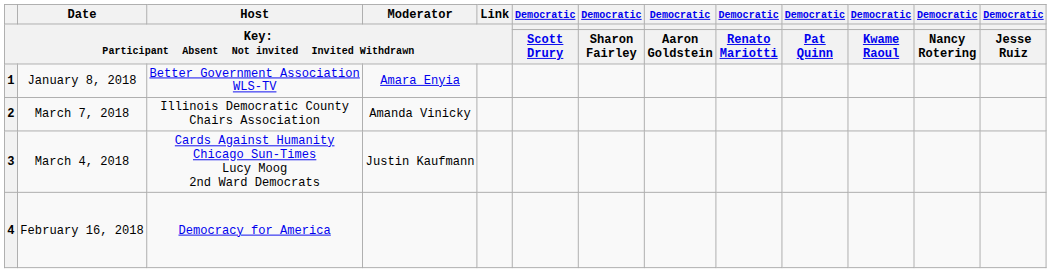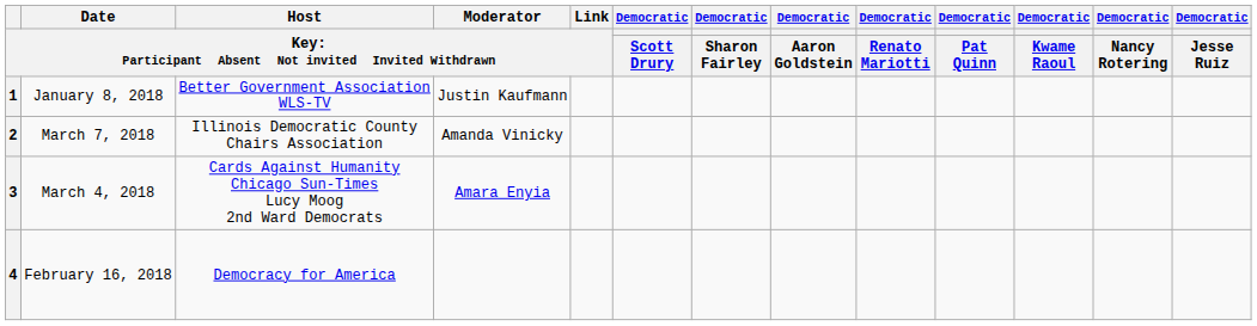 <table class="wikitable" style="text-align:center;">
 <tr>
 <th scope="col"></th>
 <th scope="col">Date</th>
 <th scope="col">Host</th>
 <th scope="col">Moderator</th>
 <th scope="col">Link</th>
 <th scope="col"><small><a href='#'>Democratic</a></small></th>
 <th scope="col"><small><a href='#'>Democratic</a></small></th>
 <th scope="col"><small><a href='#'>Democratic</a></small></th>
 <th scope="col"><small><a href='#'>Democratic</a></small></th>
 <th scope="col"><small><a href='#'>Democratic</a></small></th>
 <th scope="col"><small><a href='#'>Democratic</a></small></th>
 <th scope="col"><small><a href='#'>Democratic</a></small></th>
 <th scope="col"><small><a href='#'>Democratic</a></small></th>
 </tr>
 <tr>
 <th colspan="5" rowspan="2">Key:<br> <small>Participant </small>  <small>Absent </small>  <small>Not invited </small>  <small>Invited  Withdrawn</small></th>
 <th scope="col" style="background:"></th>
 <th scope="col" style="background:"></th>
 <th scope="col" style="background:"></th>
 <th scope="col" style="background:"></th>
 <th scope="col" style="background:"></th>
 <th scope="col" style="background:"></th>
 <th scope="col" style="background:"></th>
 <th scope="col" style="background:"></th>
 </tr>
 <tr>
 <th scope="col"><a href='#'>Scott Drury</a></th>
 <th scope="col">Sharon Fairley</th>
 <th scope="col">Aaron Goldstein</th>
 <th scope="col"><a href='#'>Renato Mariotti</a></th>
 <th scope="col"><a href='#'>Pat Quinn</a></th>
 <th scope="col"><a href='#'>Kwame Raoul</a></th>
 <th scope="col">Nancy Rotering</th>
 <th scope="col">Jesse Ruiz</th>
 </tr>
 <tr>
 <th>1</th>
 <td style="white-space:nowrap;">January 8, 2018</td>
 <td style="white-space:nowrap;"><a href='#'>Better Government Association</a><br><a href='#'>WLS-TV</a></td>
-<td style="white-space:nowrap;"><a href='#'>Amara Enyia</a></td>
+<td style="white-space:nowrap;">Justin Kaufmann</td>
 <td style="white-space:nowrap;"></td>
 <td></td>
 <td></td>
 <td></td>
 <td></td>
 <td></td>
 <td></td>
 <td></td>
 <td></td>
 </tr>
 <tr>
 <th>2</th>
 <td style="white-space:nowrap;">March 7, 2018</td>
 <td style="white-space:nowrap;">Illinois Democratic County<br>Chairs Association</td>
 <td style="white-space:nowrap;">Amanda Vinicky</td>
 <td style="white-space:nowrap;"></td>
 <td></td>
 <td></td>
 <td></td>
 <td></td>
 <td></td>
 <td></td>
 <td></td>
 <td></td>
 </tr>
 <tr>
 <th>3</th>
 <td style="white-space:nowrap;">March 4, 2018</td>
 <td style="white-space:nowrap;"><a href='#'>Cards Against Humanity</a><br><a href='#'>Chicago Sun-Times</a><br>Lucy Moog<br>2nd Ward Democrats</td>
-<td style="white-space:nowrap;">Justin Kaufmann</td>
+<td style="white-space:nowrap;"><a href='#'>Amara Enyia</a></td>
 <td style="white-space:nowrap;"></td>
 <td></td>
 <td></td>
 <td></td>
 <td></td>
 <td></td>
 <td></td>
 <td></td>
 <td></td>
 </tr>
 <tr>
 <th>4</th>
 <td style="white-space:nowrap;">February 16, 2018</td>
 <td style="white-space:nowrap;"><a href='#'>Democracy for America</a></td>
 <td style="white-space:nowrap;"></td>
 <td style="white-space:nowrap;"><br><br><br><br><br></td>
 <td></td>
 <td></td>
 <td></td>
 <td></td>
 <td></td>
 <td></td>
 <td></td>
 <td></td>
 </tr>
 </table>
